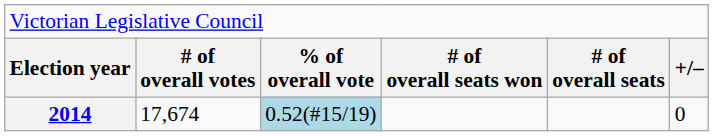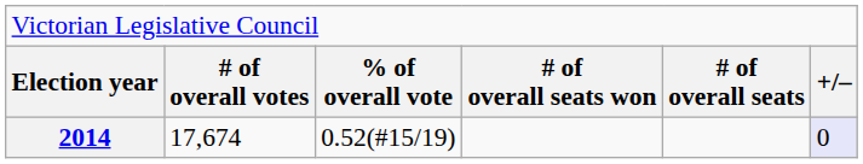 <table class=wikitable>
 <tr>
 <td colspan=7><a href='#'>Victorian Legislative Council</a></td>
 </tr>
 <tr>
 <th>Election year</th>
 <th># of<br>overall votes</th>
 <th>% of<br>overall vote</th>
 <th># of<br>overall seats won</th>
 <th># of<br>overall seats</th>
 <th>+/–</th>
 </tr>
 <tr>
 <th><a href='#'>2014</a></th>
 <td>17,674</td>
-<td style="background: lightblue;">0.52(#15/19)</td>
+<td>0.52(#15/19)</td>
 <td></td>
 <td></td>
-<td> 0</td>
+<td style="background: lavender;"> 0</td>
 </tr>
 </table>
